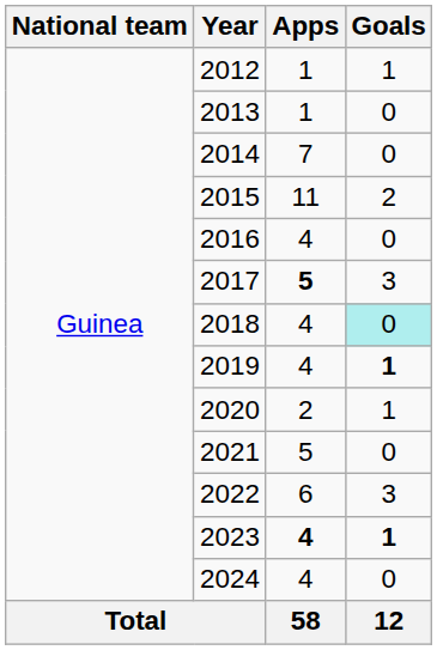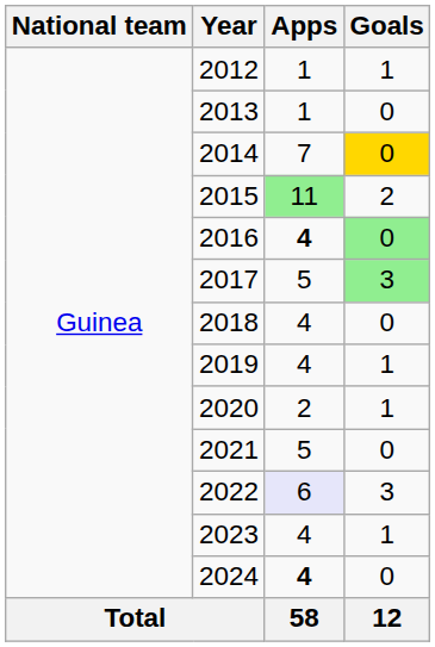 <table class="wikitable" style="text-align: center;">
 <tr>
 <th>National team</th>
 <th>Year</th>
 <th>Apps</th>
 <th>Goals</th>
 </tr>
 <tr>
 <td rowspan="13"><a href='#'>Guinea</a></td>
 <td>2012</td>
 <td>1</td>
 <td>1</td>
 </tr>
 <tr>
 <td>2013</td>
 <td>1</td>
 <td>0</td>
 </tr>
 <tr>
 <td>2014</td>
 <td>7</td>
-<td>0</td>
+<td style="background: gold;">0</td>
 </tr>
 <tr>
 <td>2015</td>
-<td>11</td>
+<td style="background: lightgreen;">11</td>
 <td>2</td>
 </tr>
 <tr>
 <td>2016</td>
+<td><strong>4</strong></td>
+<td style="background: lightgreen;">0</td>
+</tr>
+<tr>
+<td>2017</td>
+<td>5</td>
+<td style="background: lightgreen;">3</td>
+</tr>
+<tr>
+<td>2018</td>
 <td>4</td>
 <td>0</td>
 </tr>
 <tr>
-<td>2017</td>
-<td><strong>5</strong></td>
-<td>3</td>
-</tr>
-<tr>
-<td>2018</td>
-<td>4</td>
-<td style="background: paleturquoise;">0</td>
-</tr>
-<tr>
 <td>2019</td>
 <td>4</td>
-<td><strong>1</strong></td>
+<td>1</td>
 </tr>
 <tr>
 <td>2020</td>
 <td>2</td>
 <td>1</td>
 </tr>
 <tr>
 <td>2021</td>
 <td>5</td>
 <td>0</td>
 </tr>
 <tr>
 <td>2022</td>
-<td>6</td>
+<td style="background: lavender;">6</td>
 <td>3</td>
 </tr>
 <tr>
 <td>2023</td>
-<td><strong>4</strong></td>
-<td><strong>1</strong></td>
+<td>4</td>
+<td>1</td>
 </tr>
 <tr>
 <td>2024</td>
-<td>4</td>
+<td><strong>4</strong></td>
 <td>0</td>
 </tr>
 <tr>
 <th colspan="2">Total</th>
 <th>58</th>
 <th>12</th>
 </tr>
 </table>
